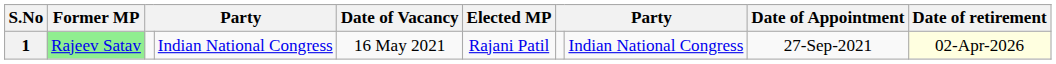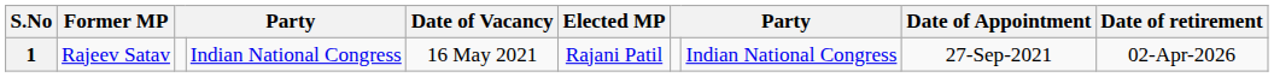 <table class="wikitable sortable">
 <tr>
 <th>S.No</th>
 <th>Former MP</th>
 <th colspan="2">Party</th>
 <th>Date of Vacancy</th>
 <th>Elected MP</th>
 <th colspan="2">Party</th>
 <th><strong>Date of Appointment</strong></th>
 <th>Date of retirement</th>
 </tr>
 <tr style="text-align:center;">
 <th>1</th>
-<td style="background: lightgreen;"><a href='#'>Rajeev Satav</a></td>
+<td><a href='#'>Rajeev Satav</a></td>
 <td width="1px"></td>
 <td><a href='#'>Indian National Congress</a></td>
 <td>16 May 2021</td>
 <td><a href='#'>Rajani Patil</a></td>
 <td width="1px"></td>
 <td><a href='#'>Indian National Congress</a></td>
 <td>27-Sep-2021</td>
-<td style="background: lightyellow;">02-Apr-2026</td>
+<td>02-Apr-2026</td>
 </tr>
 </table>
